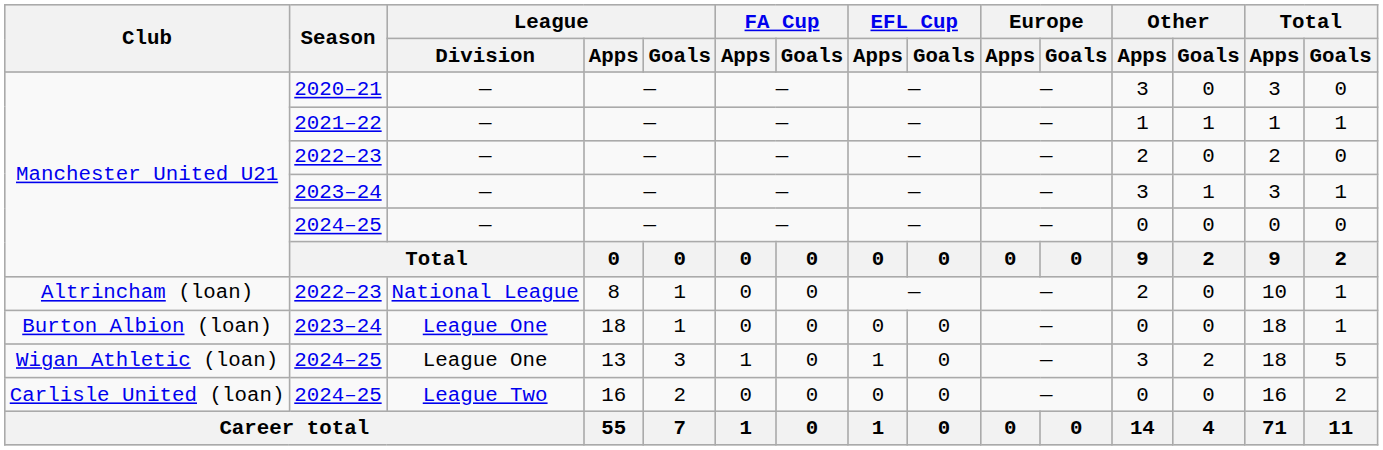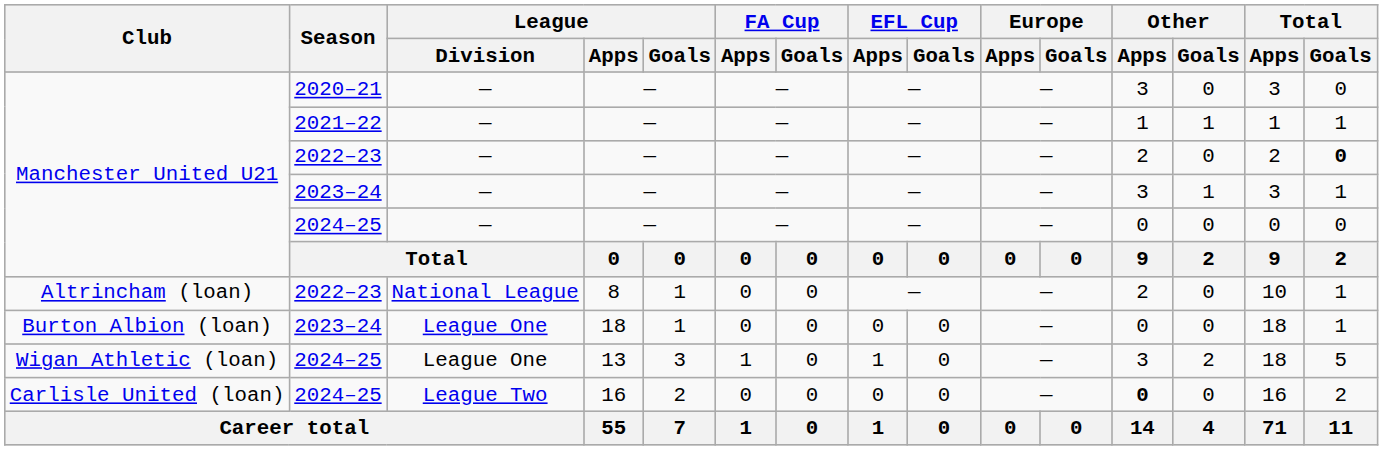 <table class=wikitable style=text-align:center>
 <tr>
 <th rowspan=2>Club</th>
 <th rowspan=2>Season</th>
 <th colspan=3>League</th>
 <th colspan=2><a href='#'>FA Cup</a></th>
 <th colspan=2><a href='#'>EFL Cup</a></th>
 <th colspan=2>Europe</th>
 <th colspan=2>Other</th>
 <th colspan=2>Total</th>
 </tr>
 <tr>
 <th>Division</th>
 <th>Apps</th>
 <th>Goals</th>
 <th>Apps</th>
 <th>Goals</th>
 <th>Apps</th>
 <th>Goals</th>
 <th>Apps</th>
 <th>Goals</th>
 <th>Apps</th>
 <th>Goals</th>
 <th>Apps</th>
 <th>Goals</th>
 </tr>
 <tr>
 <td rowspan=6><a href='#'>Manchester United U21</a></td>
 <td><a href='#'>2020–21</a></td>
 <td>—</td>
 <td colspan=2>—</td>
 <td colspan=2>—</td>
 <td colspan=2>—</td>
 <td colspan=2>—</td>
 <td>3</td>
 <td>0</td>
 <td>3</td>
 <td>0</td>
 </tr>
 <tr>
 <td><a href='#'>2021–22</a></td>
 <td>—</td>
 <td colspan=2>—</td>
 <td colspan=2>—</td>
 <td colspan=2>—</td>
 <td colspan=2>—</td>
 <td>1</td>
 <td>1</td>
 <td>1</td>
 <td>1</td>
 </tr>
 <tr>
 <td><a href='#'>2022–23</a></td>
 <td>—</td>
 <td colspan=2>—</td>
 <td colspan=2>—</td>
 <td colspan=2>—</td>
 <td colspan=2>—</td>
 <td>2</td>
 <td>0</td>
 <td>2</td>
-<td>0</td>
+<td><strong>0</strong></td>
 </tr>
 <tr>
 <td><a href='#'>2023–24</a></td>
 <td>—</td>
 <td colspan=2>—</td>
 <td colspan=2>—</td>
 <td colspan=2>—</td>
 <td colspan=2>—</td>
 <td>3</td>
 <td>1</td>
 <td>3</td>
 <td>1</td>
 </tr>
 <tr>
 <td><a href='#'>2024–25</a></td>
 <td>—</td>
 <td colspan=2>—</td>
 <td colspan=2>—</td>
 <td colspan=2>—</td>
 <td colspan=2>—</td>
 <td>0</td>
 <td>0</td>
 <td>0</td>
 <td>0</td>
 </tr>
 <tr>
 <th colspan="2">Total</th>
 <th>0</th>
 <th>0</th>
 <th>0</th>
 <th>0</th>
 <th>0</th>
 <th>0</th>
 <th>0</th>
 <th>0</th>
 <th>9</th>
 <th>2</th>
 <th>9</th>
 <th>2</th>
 </tr>
 <tr>
 <td><a href='#'>Altrincham</a> (loan)</td>
 <td><a href='#'>2022–23</a></td>
 <td><a href='#'>National League</a></td>
 <td>8</td>
 <td>1</td>
 <td>0</td>
 <td>0</td>
 <td colspan="2">—</td>
 <td colspan="2">—</td>
 <td>2</td>
 <td>0</td>
 <td>10</td>
 <td>1</td>
 </tr>
 <tr>
 <td><a href='#'>Burton Albion</a> (loan)</td>
 <td><a href='#'>2023–24</a></td>
 <td><a href='#'>League One</a></td>
 <td>18</td>
 <td>1</td>
 <td>0</td>
 <td>0</td>
 <td>0</td>
 <td>0</td>
 <td colspan="2">—</td>
 <td>0</td>
 <td>0</td>
 <td>18</td>
 <td>1</td>
 </tr>
 <tr>
 <td><a href='#'>Wigan Athletic</a> (loan)</td>
 <td><a href='#'>2024–25</a></td>
 <td>League One</td>
 <td>13</td>
 <td>3</td>
 <td>1</td>
 <td>0</td>
 <td>1</td>
 <td>0</td>
 <td colspan="2">—</td>
 <td>3</td>
 <td>2</td>
 <td>18</td>
 <td>5</td>
 </tr>
 <tr>
 <td><a href='#'>Carlisle United</a> (loan)</td>
 <td><a href='#'>2024–25</a></td>
 <td><a href='#'>League Two</a></td>
 <td>16</td>
 <td>2</td>
 <td>0</td>
 <td>0</td>
 <td>0</td>
 <td>0</td>
 <td colspan="2">—</td>
-<td>0</td>
+<td><strong>0</strong></td>
 <td>0</td>
 <td>16</td>
 <td>2</td>
 </tr>
 <tr>
 <th colspan=3>Career total</th>
 <th>55</th>
 <th>7</th>
 <th>1</th>
 <th>0</th>
 <th>1</th>
 <th>0</th>
 <th>0</th>
 <th>0</th>
 <th>14</th>
 <th>4</th>
 <th>71</th>
 <th>11</th>
 </tr>
 </table>
